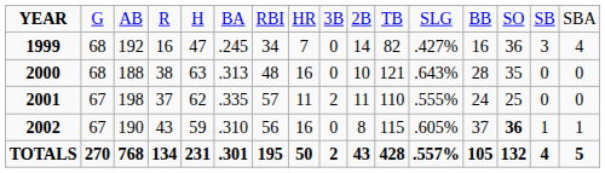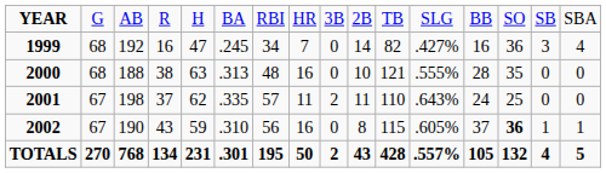 <table class="sortable wikitable" style="text-align:center;">
 <tr>
 <td><strong>YEAR</strong></td>
 <td><a href='#'>G</a></td>
 <td><a href='#'>AB</a></td>
 <td><a href='#'>R</a></td>
 <td><a href='#'>H</a></td>
 <td><a href='#'>BA</a></td>
 <td><a href='#'>RBI</a></td>
 <td><a href='#'>HR</a></td>
 <td><a href='#'>3B</a></td>
 <td><a href='#'>2B</a></td>
 <td><a href='#'>TB</a></td>
 <td><a href='#'>SLG</a></td>
 <td><a href='#'>BB</a></td>
 <td><a href='#'>SO</a></td>
 <td><a href='#'>SB</a></td>
 <td>SBA</td>
 </tr>
 <tr>
 <td><strong>1999</strong></td>
 <td>68</td>
 <td>192</td>
 <td>16</td>
 <td>47</td>
 <td>.245</td>
 <td>34</td>
 <td>7</td>
 <td>0</td>
 <td>14</td>
 <td>82</td>
 <td>.427%</td>
 <td>16</td>
 <td>36</td>
 <td>3</td>
 <td>4</td>
 </tr>
 <tr>
 <td><strong>2000</strong></td>
 <td>68</td>
 <td>188</td>
 <td>38</td>
 <td>63</td>
 <td>.313</td>
 <td>48</td>
 <td>16</td>
 <td>0</td>
 <td>10</td>
 <td>121</td>
-<td>.643%</td>
+<td>.555%</td>
 <td>28</td>
 <td>35</td>
 <td>0</td>
 <td>0</td>
 </tr>
 <tr>
 <td><strong>2001</strong></td>
 <td>67</td>
 <td>198</td>
 <td>37</td>
 <td>62</td>
 <td>.335</td>
 <td>57</td>
 <td>11</td>
 <td>2</td>
 <td>11</td>
 <td>110</td>
-<td>.555%</td>
+<td>.643%</td>
 <td>24</td>
 <td>25</td>
 <td>0</td>
 <td>0</td>
 </tr>
 <tr>
 <td><strong>2002</strong></td>
 <td>67</td>
 <td>190</td>
 <td>43</td>
 <td>59</td>
 <td>.310</td>
 <td>56</td>
 <td>16</td>
 <td>0</td>
 <td>8</td>
 <td>115</td>
 <td>.605%</td>
 <td>37</td>
 <td><strong>36</strong></td>
 <td>1</td>
 <td>1</td>
 </tr>
 <tr>
 <td><strong>TOTALS</strong></td>
 <td><strong>270</strong></td>
 <td><strong>768</strong></td>
 <td><strong>134</strong></td>
 <td><strong>231</strong></td>
 <td><strong>.301</strong></td>
 <td><strong>195</strong></td>
 <td><strong>50</strong></td>
 <td><strong>2</strong></td>
 <td><strong>43</strong></td>
 <td><strong>428</strong></td>
 <td><strong>.557%</strong></td>
 <td><strong>105</strong></td>
 <td><strong>132</strong></td>
 <td><strong>4</strong></td>
 <td><strong>5</strong></td>
 </tr>
 </table>
